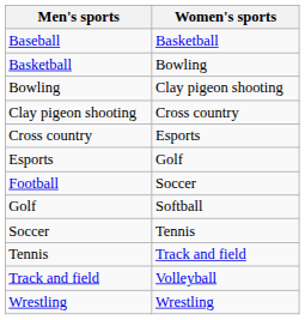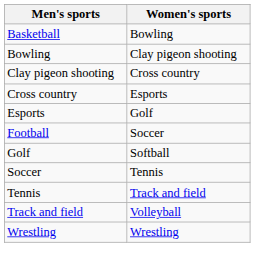 <table class="wikitable"; style= "text-align: ">
 <tr>
 <th width=150px>Men's sports</th>
 <th width=150px>Women's sports</th>
-</tr>
-<tr>
-<td><a href='#'>Baseball</a></td>
-<td><a href='#'>Basketball</a></td>
 </tr>
 <tr>
 <td><a href='#'>Basketball</a></td>
 <td>Bowling</td>
 </tr>
 <tr>
 <td>Bowling</td>
 <td>Clay pigeon shooting</td>
 </tr>
 <tr>
 <td>Clay pigeon shooting</td>
 <td>Cross country</td>
 </tr>
 <tr>
 <td>Cross country</td>
 <td>Esports</td>
 </tr>
 <tr>
 <td>Esports</td>
 <td>Golf</td>
 </tr>
 <tr>
 <td><a href='#'>Football</a></td>
 <td>Soccer</td>
 </tr>
 <tr>
 <td>Golf</td>
 <td>Softball</td>
 </tr>
 <tr>
 <td>Soccer</td>
 <td>Tennis</td>
 </tr>
 <tr>
 <td>Tennis</td>
 <td><a href='#'>Track and field</a></td>
 </tr>
 <tr>
 <td><a href='#'>Track and field</a></td>
 <td><a href='#'>Volleyball</a></td>
 </tr>
 <tr>
 <td><a href='#'>Wrestling</a></td>
 <td><a href='#'>Wrestling</a></td>
 </tr>
 </table>
